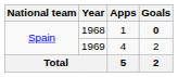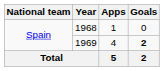 <table class=wikitable style=text-align:center>
 <tr>
 <th>National team</th>
 <th>Year</th>
 <th>Apps</th>
 <th>Goals</th>
 </tr>
 <tr>
 <td rowspan="2"><a href='#'>Spain</a></td>
 <td>1968</td>
 <td>1</td>
-<td><strong>0</strong></td>
+<td>0</td>
 </tr>
 <tr>
 <td>1969</td>
 <td>4</td>
-<td>2</td>
+<td><strong>2</strong></td>
 </tr>
 <tr>
 <th colspan="2">Total</th>
 <th>5</th>
 <th>2</th>
 </tr>
 </table>
